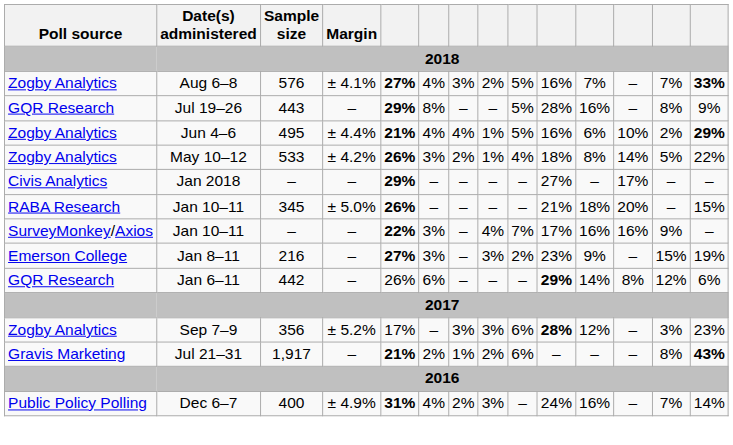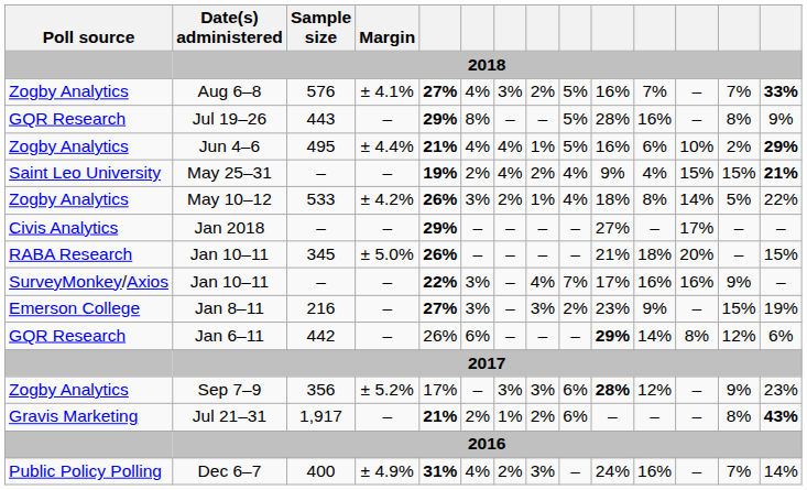 <table class="wikitable sortable" style="text-align:center;">
 <tr valign=bottom>
 <th style="background-position: right 85%;">Poll source</th>
 <th style="background-position: right 85%;">Date(s)<br>administered</th>
 <th style="background-position: right 85%;">Sample<br>size</th>
 <th style="background-position: right 85%;">Margin<br></th>
 <th></th>
 <th></th>
 <th></th>
 <th></th>
 <th></th>
 <th></th>
 <th></th>
 <th></th>
 <th></th>
 <th></th>
 </tr>
 <tr style="background:silver;">
 <td style="border-right-style:hidden;"></td>
 <td colspan="13"><strong>2018</strong></td>
 </tr>
 <tr>
 <td style="text-align:left;"><a href='#'>Zogby Analytics</a></td>
 <td>Aug 6–8</td>
 <td>576</td>
 <td>± 4.1%</td>
 <td><strong>27%</strong></td>
 <td>4%</td>
 <td>3%</td>
 <td>2%</td>
 <td>5%</td>
 <td>16%</td>
 <td>7%</td>
 <td>–</td>
 <td>7%</td>
 <td><strong>33%</strong></td>
 </tr>
 <tr>
 <td style="text-align:left;"><a href='#'>GQR Research</a></td>
 <td>Jul 19–26</td>
 <td>443</td>
 <td>–</td>
 <td><strong>29%</strong></td>
 <td>8%</td>
 <td>–</td>
 <td>–</td>
 <td>5%</td>
 <td>28%</td>
 <td>16%</td>
 <td>–</td>
 <td>8%</td>
 <td>9%</td>
 </tr>
 <tr>
 <td style="text-align:left;"><a href='#'>Zogby Analytics</a></td>
 <td>Jun 4–6</td>
 <td>495</td>
 <td>± 4.4%</td>
 <td><strong>21%</strong></td>
 <td>4%</td>
 <td>4%</td>
 <td>1%</td>
 <td>5%</td>
 <td>16%</td>
 <td>6%</td>
 <td>10%</td>
 <td>2%</td>
 <td><strong>29%</strong></td>
+</tr>
+<tr>
+<td style="text-align:left;"><a href='#'>Saint Leo University</a></td>
+<td>May 25–31</td>
+<td>–</td>
+<td>–</td>
+<td><strong>19%</strong></td>
+<td>2%</td>
+<td>4%</td>
+<td>2%</td>
+<td>4%</td>
+<td>9%</td>
+<td>4%</td>
+<td>15%</td>
+<td>15%</td>
+<td><strong>21%</strong></td>
 </tr>
 <tr>
 <td style="text-align:left;"><a href='#'>Zogby Analytics</a></td>
 <td>May 10–12</td>
 <td>533</td>
 <td>± 4.2%</td>
 <td><strong>26%</strong></td>
 <td>3%</td>
 <td>2%</td>
 <td>1%</td>
 <td>4%</td>
 <td>18%</td>
 <td>8%</td>
 <td>14%</td>
 <td>5%</td>
 <td>22%</td>
 </tr>
 <tr>
 <td style="text-align:left;"><a href='#'>Civis Analytics</a></td>
 <td>Jan 2018</td>
 <td>–</td>
 <td>–</td>
 <td><strong>29%</strong></td>
 <td>–</td>
 <td>–</td>
 <td>–</td>
 <td>–</td>
 <td>27%</td>
 <td>–</td>
 <td>17%</td>
 <td>–</td>
 <td>–</td>
 </tr>
 <tr>
 <td style="text-align:left;"><a href='#'>RABA Research</a></td>
 <td>Jan 10–11</td>
 <td>345</td>
 <td>± 5.0%</td>
 <td><strong>26%</strong></td>
 <td>–</td>
 <td>–</td>
 <td>–</td>
 <td>–</td>
 <td>21%</td>
 <td>18%</td>
 <td>20%</td>
 <td>–</td>
 <td>15%</td>
 </tr>
 <tr>
 <td style="text-align:left;"><a href='#'>SurveyMonkey</a>/<a href='#'>Axios</a></td>
 <td>Jan 10–11</td>
 <td>–</td>
 <td>–</td>
 <td><strong>22%</strong></td>
 <td>3%</td>
 <td>–</td>
 <td>4%</td>
 <td>7%</td>
 <td>17%</td>
 <td>16%</td>
 <td>16%</td>
 <td>9%</td>
 <td>–</td>
 </tr>
 <tr>
 <td style="text-align:left;"><a href='#'>Emerson College</a></td>
 <td>Jan 8–11</td>
 <td>216</td>
 <td>–</td>
 <td><strong>27%</strong></td>
 <td>3%</td>
 <td>–</td>
 <td>3%</td>
 <td>2%</td>
 <td>23%</td>
 <td>9%</td>
 <td>–</td>
 <td>15%</td>
 <td>19%</td>
 </tr>
 <tr>
 <td style="text-align:left;"><a href='#'>GQR Research</a></td>
 <td>Jan 6–11</td>
 <td>442</td>
 <td>–</td>
 <td>26%</td>
 <td>6%</td>
 <td>–</td>
 <td>–</td>
 <td>–</td>
 <td><strong>29%</strong></td>
 <td>14%</td>
 <td>8%</td>
 <td>12%</td>
 <td>6%</td>
 </tr>
 <tr style="background:silver;">
 <td style="border-right-style:hidden;"></td>
 <td colspan="13"><strong>2017</strong></td>
 </tr>
 <tr>
 <td style="text-align:left;"><a href='#'>Zogby Analytics</a></td>
 <td>Sep 7–9</td>
 <td>356</td>
 <td>± 5.2%</td>
 <td>17%</td>
 <td>–</td>
 <td>3%</td>
 <td>3%</td>
 <td>6%</td>
 <td><strong>28%</strong></td>
 <td>12%</td>
 <td>–</td>
-<td>3%</td>
+<td>9%</td>
 <td>23%</td>
 </tr>
 <tr>
 <td style="text-align:left;"><a href='#'>Gravis Marketing</a></td>
 <td>Jul 21–31</td>
 <td>1,917</td>
 <td>–</td>
 <td><strong>21%</strong></td>
 <td>2%</td>
 <td>1%</td>
 <td>2%</td>
 <td>6%</td>
 <td>–</td>
 <td>–</td>
 <td>–</td>
 <td>8%</td>
 <td><strong>43%</strong></td>
 </tr>
 <tr style="background:silver;">
 <td style="border-right-style:hidden;"></td>
 <td colspan="13"><strong>2016</strong></td>
 </tr>
 <tr>
 <td style="text-align:left;"><a href='#'>Public Policy Polling</a></td>
 <td>Dec 6–7</td>
 <td>400</td>
 <td>± 4.9%</td>
 <td><strong>31%</strong></td>
 <td>4%</td>
 <td>2%</td>
 <td>3%</td>
 <td>–</td>
 <td>24%</td>
 <td>16%</td>
 <td>–</td>
 <td>7%</td>
 <td>14%</td>
 </tr>
 </table>
